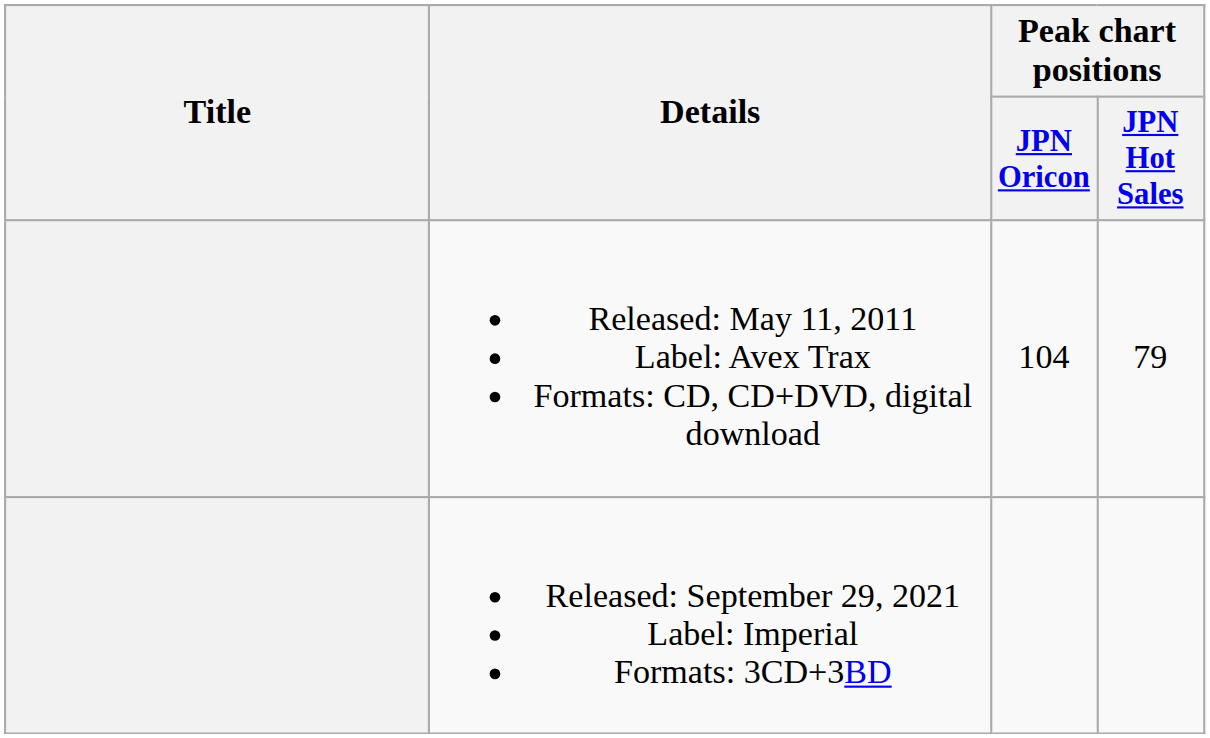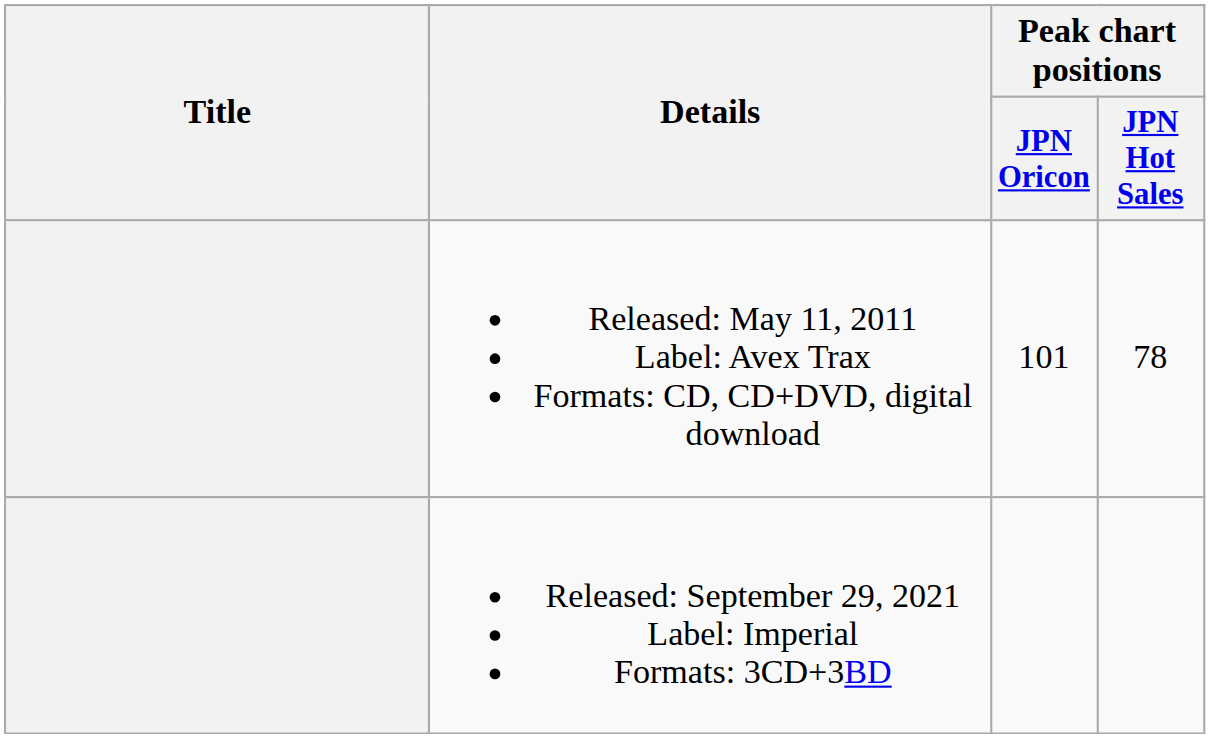 <table class="wikitable plainrowheaders" style="text-align:center;">
 <tr>
 <th scope="col" rowspan="2" style="width:12em;">Title</th>
 <th scope="col" rowspan="2" style="width:16em;">Details</th>
 <th scope="col" colspan="2">Peak chart positions</th>
 </tr>
 <tr>
 <th scope="col" style="width:3em;font-size:90%;"><a href='#'>JPN<br>Oricon</a><br></th>
 <th scope="col" style="width:3em;font-size:90%;"><a href='#'>JPN<br>Hot<br>Sales</a><br></th>
 </tr>
 <tr>
 <th scope="row"></th>
 <td><br><ul><li>Released: May 11, 2011</li><li>Label: Avex Trax</li><li>Formats: CD, CD+DVD, digital download</li></ul></td>
-<td>104</td>
-<td>79</td>
+<td>101</td>
+<td>78</td>
 </tr>
 <tr>
 <th scope="row"></th>
 <td><br><ul><li>Released: September 29, 2021</li><li>Label: Imperial</li><li>Formats: 3CD+3<a href='#'>BD</a></li></ul></td>
 <td></td>
 <td></td>
 </tr>
 </table>
